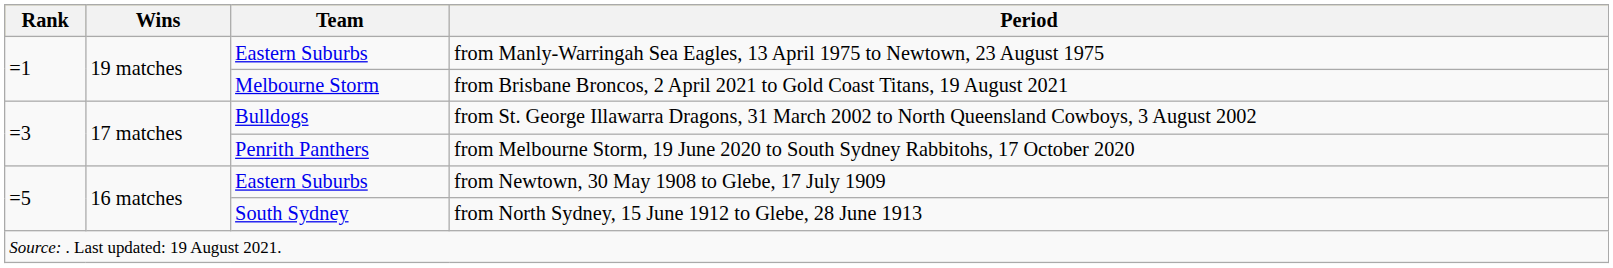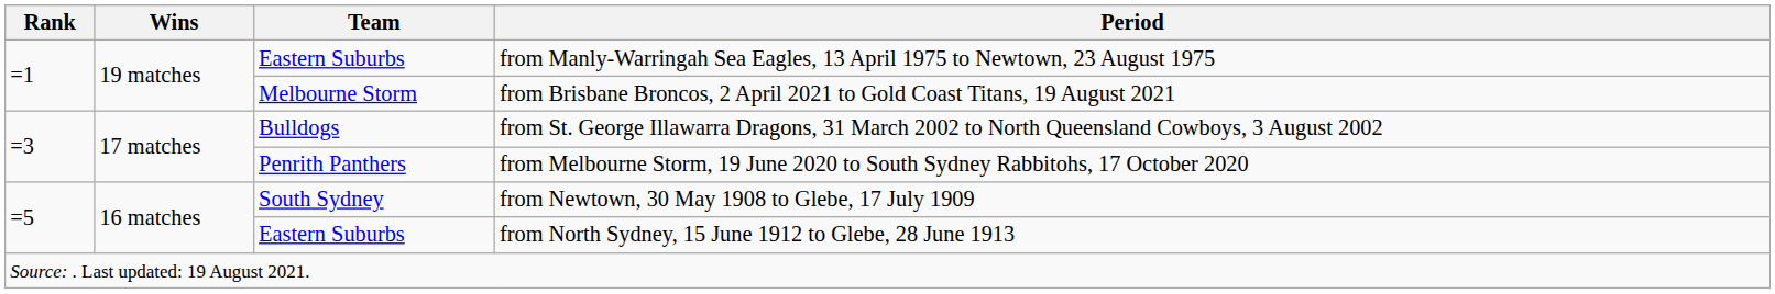 <table class="wikitable" style="width:100%">
 <tr style="background:#bdb76b;">
 <th>Rank</th>
 <th>Wins</th>
 <th>Team</th>
 <th>Period</th>
 </tr>
 <tr>
 <td rowspan="2">=1</td>
 <td rowspan="2">19 matches</td>
 <td><a href='#'>Eastern Suburbs</a></td>
 <td>from Manly-Warringah Sea Eagles, 13 April 1975 to Newtown, 23 August 1975</td>
 </tr>
 <tr>
 <td><a href='#'>Melbourne Storm</a></td>
 <td>from Brisbane Broncos, 2 April 2021 to Gold Coast Titans, 19 August 2021</td>
 </tr>
 <tr>
 <td rowspan="2">=3</td>
 <td rowspan="2">17 matches</td>
 <td><a href='#'>Bulldogs</a></td>
 <td>from St. George Illawarra Dragons, 31 March 2002 to North Queensland Cowboys, 3 August 2002</td>
 </tr>
 <tr>
 <td><a href='#'>Penrith Panthers</a></td>
 <td>from Melbourne Storm, 19 June 2020 to South Sydney Rabbitohs, 17 October 2020</td>
 </tr>
 <tr>
 <td rowspan="2">=5</td>
 <td rowspan="2">16 matches</td>
-<td><a href='#'>Eastern Suburbs</a></td>
+<td><a href='#'>South Sydney</a></td>
 <td>from Newtown, 30 May 1908 to Glebe, 17 July 1909</td>
 </tr>
 <tr>
-<td><a href='#'>South Sydney</a></td>
+<td><a href='#'>Eastern Suburbs</a></td>
 <td>from North Sydney, 15 June 1912 to Glebe, 28 June 1913</td>
 </tr>
 <tr>
 <td colspan=4><small><em>Source: </em>. Last updated: 19 August 2021.</small></td>
 </tr>
 </table>
